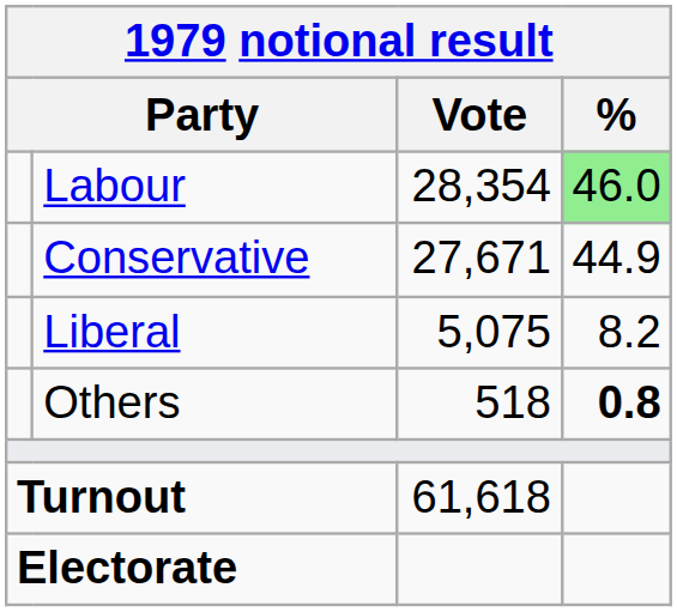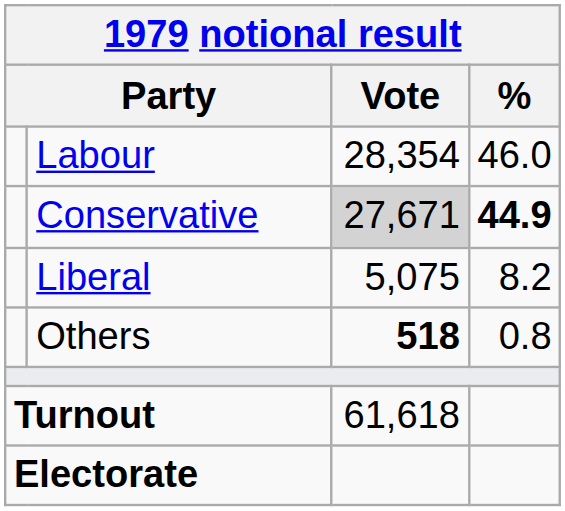 <table class="wikitable">
 <tr>
 <th colspan="4"><a href='#'>1979</a> <a href='#'>notional result</a></th>
 </tr>
 <tr>
 <th bgcolor="#DDDDFF" width="130px" colspan="2">Party</th>
 <th bgcolor="#DDDDFF" width="50px">Vote</th>
 <th bgcolor="#DDDDFF" width="30px">%</th>
 </tr>
 <tr>
 <td></td>
 <td><a href='#'>Labour</a></td>
 <td align=right>28,354</td>
-<td align=right style="background: lightgreen;">46.0</td>
+<td align=right>46.0</td>
 </tr>
 <tr>
 <td></td>
 <td><a href='#'>Conservative</a></td>
-<td align=right>27,671</td>
-<td align=right>44.9</td>
+<td align=right style="background: lightgrey;">27,671</td>
+<td align=right><strong>44.9</strong></td>
 </tr>
 <tr>
 <td></td>
 <td><a href='#'>Liberal</a></td>
 <td align=right>5,075</td>
 <td align=right>8.2</td>
 </tr>
 <tr>
 <td></td>
 <td>Others</td>
-<td align=right>518</td>
-<td align=right><strong>0.8</strong></td>
+<td align=right><strong>518</strong></td>
+<td align=right>0.8</td>
 </tr>
 <tr>
 <td colspan="4" bgcolor="#EAECF0"></td>
 </tr>
 <tr>
 <td colspan="2"><strong>Turnout</strong></td>
 <td align=right>61,618</td>
 <td align=right></td>
 </tr>
 <tr>
 <td colspan="2"><strong>Electorate</strong></td>
 <td align=right></td>
 </tr>
 </table>
